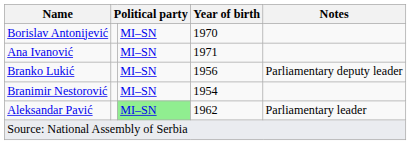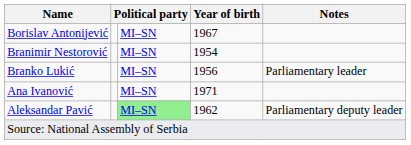 <table class="wikitable sortable" style="text-align:left">
 <tr>
 <th>Name</th>
 <th colspan="2">Political party</th>
 <th>Year of birth</th>
 <th>Notes</th>
 </tr>
 <tr>
 <td><a href='#'>Borislav Antonijević</a></td>
 <td width="1" style="color:inherit;background: "></td>
 <td><a href='#'>MI–SN</a></td>
-<td>1970</td>
+<td>1967</td>
 <td></td>
+</tr>
+<tr>
+<td><a href='#'>Branimir Nestorović</a></td>
+<td width="1" style="color:inherit;background: "></td>
+<td><a href='#'>MI–SN</a></td>
+<td>1954</td>
+<td></td>
+</tr>
+<tr>
+<td><a href='#'>Branko Lukić</a></td>
+<td width="1" style="color:inherit;background: "></td>
+<td><a href='#'>MI–SN</a></td>
+<td>1956</td>
+<td>Parliamentary leader</td>
 </tr>
 <tr>
 <td><a href='#'>Ana Ivanović</a></td>
 <td width="1" style="color:inherit;background: "></td>
 <td><a href='#'>MI–SN</a></td>
 <td>1971</td>
 <td></td>
 </tr>
 <tr>
-<td><a href='#'>Branko Lukić</a></td>
-<td width="1" style="color:inherit;background: "></td>
-<td><a href='#'>MI–SN</a></td>
-<td>1956</td>
-<td>Parliamentary deputy leader</td>
-</tr>
-<tr>
-<td><a href='#'>Branimir Nestorović</a></td>
-<td width="1" style="color:inherit;background: "></td>
-<td><a href='#'>MI–SN</a></td>
-<td>1954</td>
-<td></td>
-</tr>
-<tr>
 <td><a href='#'>Aleksandar Pavić</a></td>
 <td width="1" style="color:inherit;background: "></td>
 <td style="background: lightgreen;"><a href='#'>MI–SN</a></td>
 <td>1962</td>
-<td>Parliamentary leader</td>
+<td>Parliamentary deputy leader</td>
 </tr>
 <tr>
 <td style="background-color:#EAECF0" colspan="5">Source: National Assembly of Serbia</td>
 </tr>
 </table>
